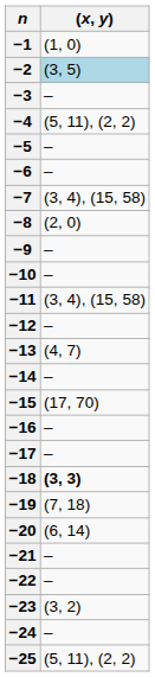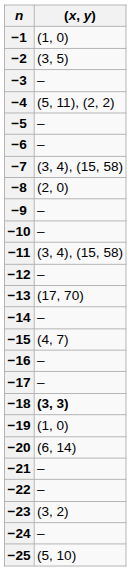 <table class="wikitable" style="text-align: left; display: inline-table;">
 <tr>
 <th><em>n</em></th>
 <th>(<em>x</em>, <em>y</em>)</th>
 </tr>
 <tr>
 <th>−1</th>
 <td>(1, 0)</td>
 </tr>
 <tr>
 <th>−2</th>
-<td style="background: lightblue;">(3, 5)</td>
+<td>(3, 5)</td>
 </tr>
 <tr>
 <th>−3</th>
 <td>–</td>
 </tr>
 <tr>
 <th>−4</th>
 <td>(5, 11),  (2, 2)</td>
 </tr>
 <tr>
 <th>−5</th>
 <td>–</td>
 </tr>
 <tr>
 <th>−6</th>
 <td>–</td>
 </tr>
 <tr>
 <th>−7</th>
 <td>(3, 4),  (15, 58)</td>
 </tr>
 <tr>
 <th>−8</th>
 <td>(2, 0)</td>
 </tr>
 <tr>
 <th>−9</th>
 <td>–</td>
 </tr>
 <tr>
 <th>−10</th>
 <td>–</td>
 </tr>
 <tr>
 <th>−11</th>
 <td>(3, 4),  (15, 58)</td>
 </tr>
 <tr>
 <th>−12</th>
 <td>–</td>
 </tr>
 <tr>
 <th>−13</th>
-<td>(4, 7)</td>
+<td>(17, 70)</td>
 </tr>
 <tr>
 <th>−14</th>
 <td>–</td>
 </tr>
 <tr>
 <th>−15</th>
-<td>(17, 70)</td>
+<td>(4, 7)</td>
 </tr>
 <tr>
 <th>−16</th>
 <td>–</td>
 </tr>
 <tr>
 <th>−17</th>
 <td>–</td>
 </tr>
 <tr>
 <th>−18</th>
 <td><strong>(3, 3)</strong></td>
 </tr>
 <tr>
 <th>−19</th>
-<td>(7, 18)</td>
+<td>(1, 0)</td>
 </tr>
 <tr>
 <th>−20</th>
 <td>(6, 14)</td>
 </tr>
 <tr>
 <th>−21</th>
 <td>–</td>
 </tr>
 <tr>
 <th>−22</th>
 <td>–</td>
 </tr>
 <tr>
 <th>−23</th>
 <td>(3, 2)</td>
 </tr>
 <tr>
 <th>−24</th>
 <td>–</td>
 </tr>
 <tr>
 <th>−25</th>
-<td>(5, 11),  (2, 2)</td>
+<td>(5, 10)</td>
 </tr>
 </table>
